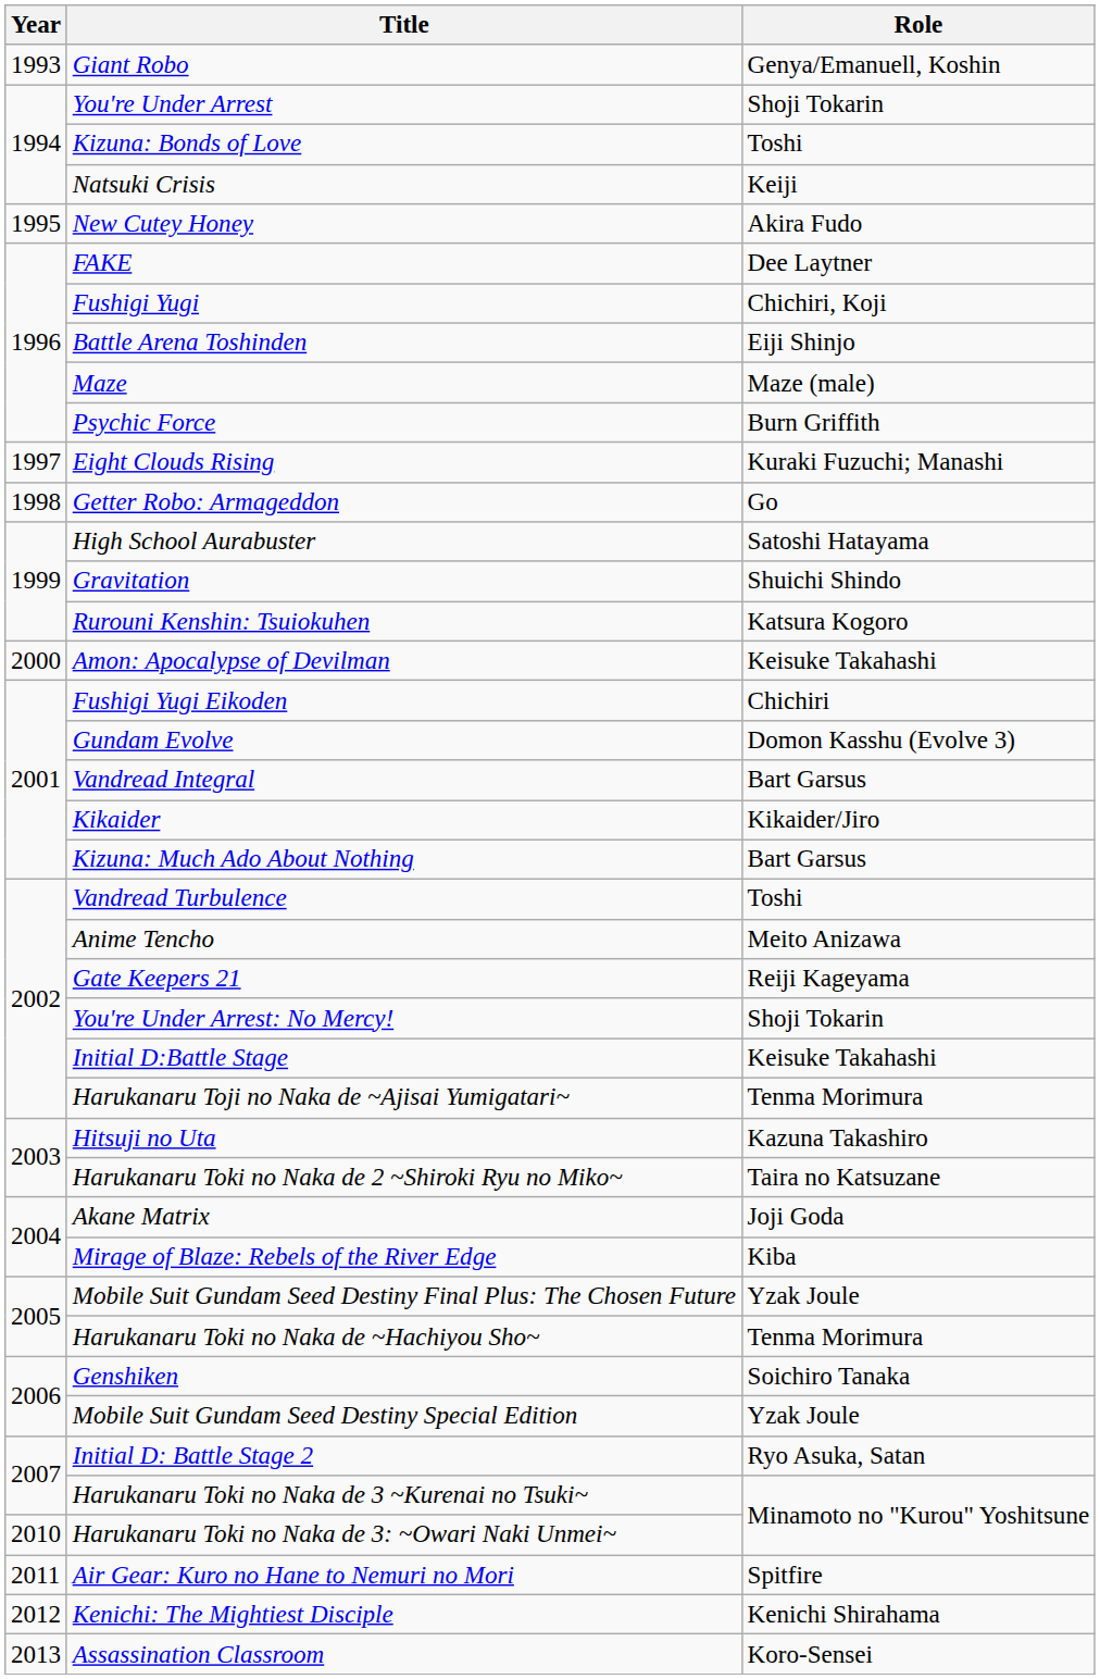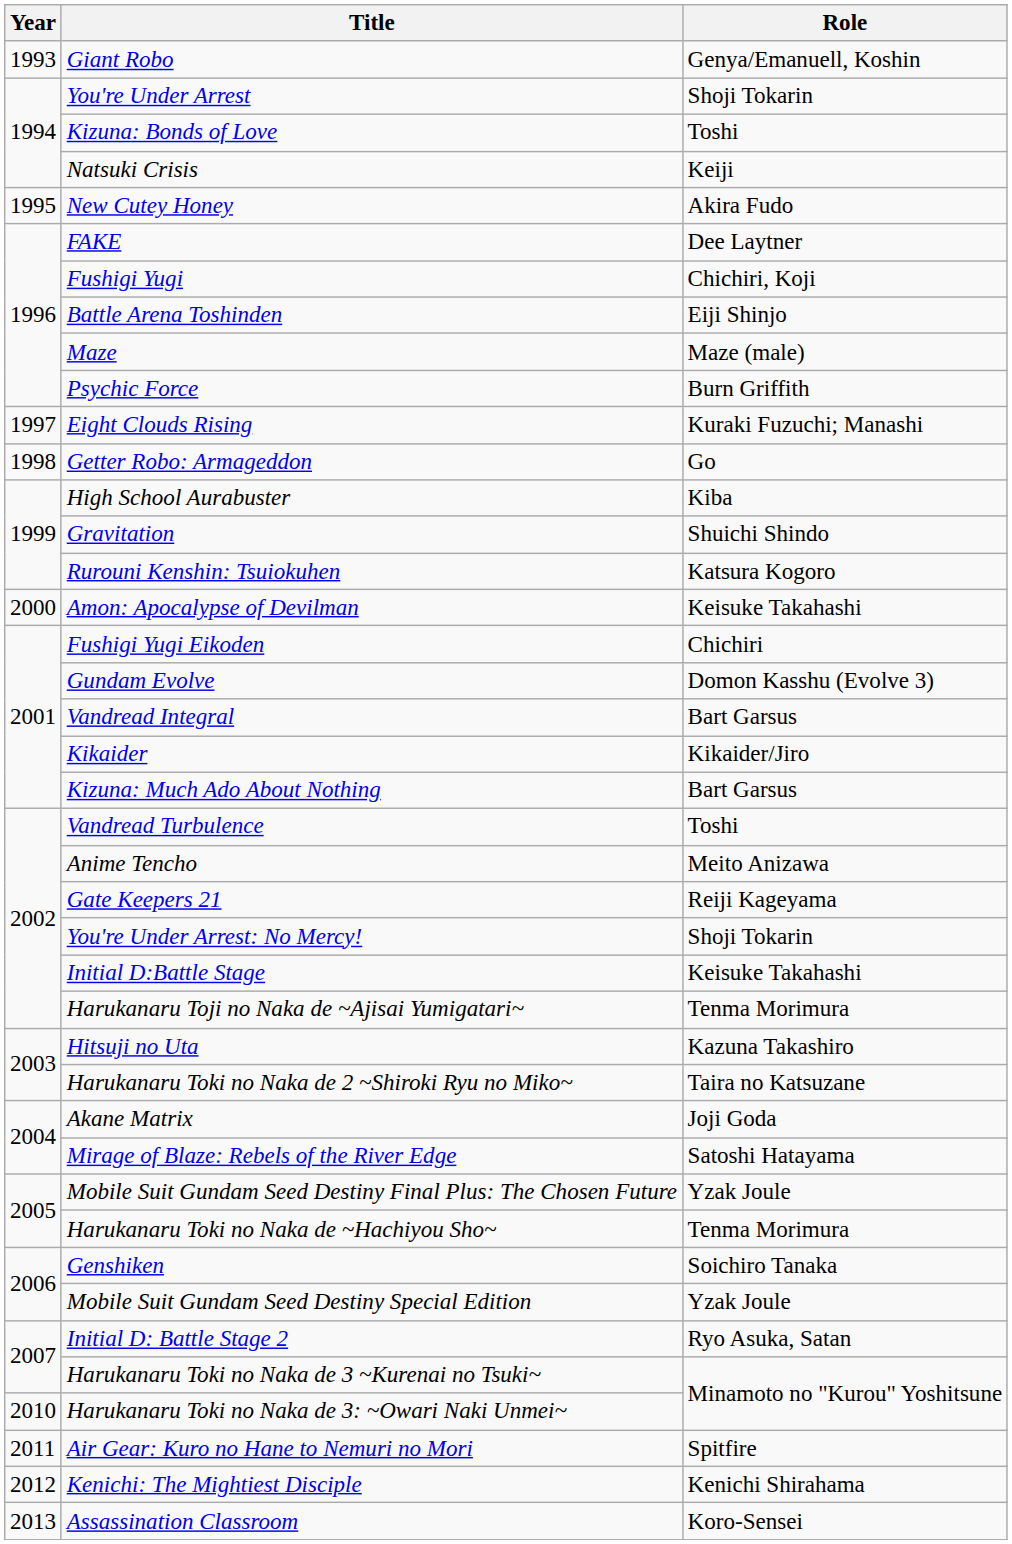 <table class="wikitable">
 <tr>
 <th>Year</th>
 <th>Title</th>
 <th>Role</th>
 </tr>
 <tr>
 <td>1993</td>
 <td><em><a href='#'>Giant Robo</a></em></td>
 <td>Genya/Emanuell, Koshin</td>
 </tr>
 <tr>
 <td rowspan="3">1994</td>
 <td><em><a href='#'>You're Under Arrest</a></em></td>
 <td>Shoji Tokarin</td>
 </tr>
 <tr>
 <td><em><a href='#'>Kizuna: Bonds of Love</a></em></td>
 <td>Toshi</td>
 </tr>
 <tr>
 <td><em>Natsuki Crisis</em></td>
 <td>Keiji</td>
 </tr>
 <tr>
 <td>1995</td>
 <td><em><a href='#'>New Cutey Honey</a></em></td>
 <td>Akira Fudo</td>
 </tr>
 <tr>
 <td rowspan="5">1996</td>
 <td><em><a href='#'>FAKE</a></em></td>
 <td>Dee Laytner</td>
 </tr>
 <tr>
 <td><em><a href='#'>Fushigi Yugi</a></em></td>
 <td>Chichiri, Koji</td>
 </tr>
 <tr>
 <td><em><a href='#'>Battle Arena Toshinden</a></em></td>
 <td>Eiji Shinjo</td>
 </tr>
 <tr>
 <td><em><a href='#'>Maze</a></em></td>
 <td>Maze (male)</td>
 </tr>
 <tr>
 <td><em><a href='#'>Psychic Force</a></em></td>
 <td>Burn Griffith</td>
 </tr>
 <tr>
 <td>1997</td>
 <td><em><a href='#'>Eight Clouds Rising</a></em></td>
 <td>Kuraki Fuzuchi; Manashi</td>
 </tr>
 <tr>
 <td>1998</td>
 <td><em><a href='#'>Getter Robo: Armageddon</a></em></td>
 <td>Go</td>
 </tr>
 <tr>
 <td rowspan="3">1999</td>
 <td><em>High School Aurabuster</em></td>
-<td>Satoshi Hatayama</td>
+<td>Kiba</td>
 </tr>
 <tr>
 <td><em><a href='#'>Gravitation</a></em></td>
 <td>Shuichi Shindo</td>
 </tr>
 <tr>
 <td><em><a href='#'>Rurouni Kenshin: Tsuiokuhen</a></em></td>
 <td>Katsura Kogoro</td>
 </tr>
 <tr>
 <td>2000</td>
 <td><em><a href='#'>Amon: Apocalypse of Devilman</a></em></td>
 <td>Keisuke Takahashi</td>
 </tr>
 <tr>
 <td rowspan="5">2001</td>
 <td><em><a href='#'>Fushigi Yugi Eikoden</a></em></td>
 <td>Chichiri</td>
 </tr>
 <tr>
 <td><em><a href='#'>Gundam Evolve</a></em></td>
 <td>Domon Kasshu (Evolve 3)</td>
 </tr>
 <tr>
 <td><em><a href='#'>Vandread Integral</a></em></td>
 <td>Bart Garsus</td>
 </tr>
 <tr>
 <td><em><a href='#'>Kikaider</a></em></td>
 <td>Kikaider/Jiro</td>
 </tr>
 <tr>
 <td><em><a href='#'>Kizuna: Much Ado About Nothing</a></em></td>
 <td>Bart Garsus</td>
 </tr>
 <tr>
 <td rowspan="6">2002</td>
 <td><em><a href='#'>Vandread Turbulence</a></em></td>
 <td>Toshi</td>
 </tr>
 <tr>
 <td><em>Anime Tencho</em></td>
 <td>Meito Anizawa</td>
 </tr>
 <tr>
 <td><em><a href='#'>Gate Keepers 21</a></em></td>
 <td>Reiji Kageyama</td>
 </tr>
 <tr>
 <td><em><a href='#'>You're Under Arrest: No Mercy!</a></em></td>
 <td>Shoji Tokarin</td>
 </tr>
 <tr>
 <td><em><a href='#'>Initial D:Battle Stage</a></em></td>
 <td>Keisuke Takahashi</td>
 </tr>
 <tr>
 <td><em>Harukanaru Toji no Naka de ~Ajisai Yumigatari~</em></td>
 <td>Tenma Morimura</td>
 </tr>
 <tr>
 <td rowspan="2">2003</td>
 <td><em><a href='#'>Hitsuji no Uta</a></em></td>
 <td>Kazuna Takashiro</td>
 </tr>
 <tr>
 <td><em>Harukanaru Toki no Naka de 2 ~Shiroki Ryu no Miko~</em></td>
 <td>Taira no Katsuzane</td>
 </tr>
 <tr>
 <td rowspan="2">2004</td>
 <td><em>Akane Matrix</em></td>
 <td>Joji Goda</td>
 </tr>
 <tr>
 <td><em><a href='#'>Mirage of Blaze: Rebels of the River Edge</a></em></td>
-<td>Kiba</td>
+<td>Satoshi Hatayama</td>
 </tr>
 <tr>
 <td rowspan="2">2005</td>
 <td><em>Mobile Suit Gundam Seed Destiny Final Plus: The Chosen Future</em></td>
 <td>Yzak Joule</td>
 </tr>
 <tr>
 <td><em>Harukanaru Toki no Naka de ~Hachiyou Sho~</em></td>
 <td>Tenma Morimura</td>
 </tr>
 <tr>
 <td rowspan="2">2006</td>
 <td><em><a href='#'>Genshiken</a></em></td>
 <td>Soichiro Tanaka</td>
 </tr>
 <tr>
 <td><em>Mobile Suit Gundam Seed Destiny Special Edition</em></td>
 <td>Yzak Joule</td>
 </tr>
 <tr>
 <td rowspan="2">2007</td>
 <td><em><a href='#'>Initial D: Battle Stage 2</a></em></td>
 <td>Ryo Asuka, Satan</td>
 </tr>
 <tr>
 <td><em>Harukanaru Toki no Naka de 3 ~Kurenai no Tsuki~</em></td>
 <td rowspan="2">Minamoto no "Kurou" Yoshitsune</td>
 </tr>
 <tr>
 <td>2010</td>
 <td><em>Harukanaru Toki no Naka de 3: ~Owari Naki Unmei~</em></td>
 </tr>
 <tr>
 <td>2011</td>
 <td><em><a href='#'>Air Gear: Kuro no Hane to Nemuri no Mori</a></em></td>
 <td>Spitfire</td>
 </tr>
 <tr>
 <td>2012</td>
 <td><em><a href='#'>Kenichi: The Mightiest Disciple</a></em></td>
 <td>Kenichi Shirahama</td>
 </tr>
 <tr>
 <td>2013</td>
 <td><em><a href='#'>Assassination Classroom</a></em></td>
 <td>Koro-Sensei</td>
 </tr>
 </table>
